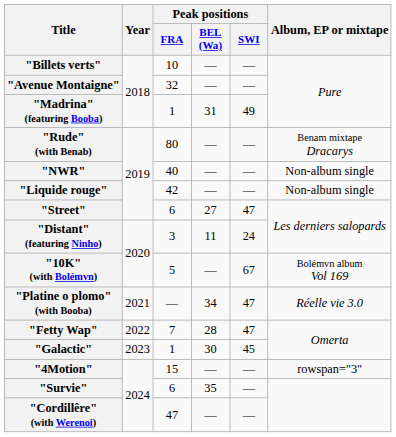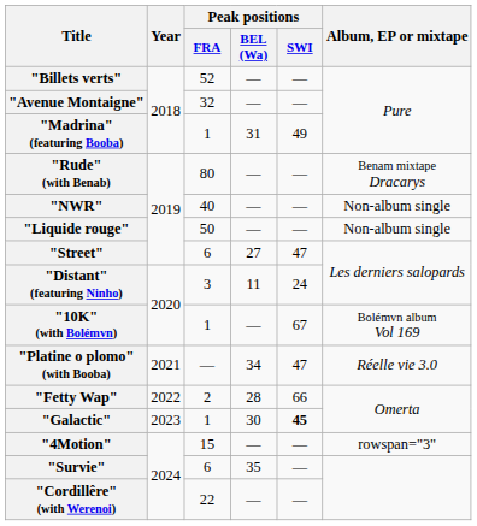 <table class="wikitable plainrowheaders" style="text-align:center">
 <tr>
 <th scope="col" rowspan="2">Title</th>
 <th scope="col" rowspan="2">Year</th>
 <th scope="col" colspan="3">Peak positions</th>
 <th scope="col" rowspan="2">Album, EP or mixtape</th>
 </tr>
 <tr>
 <th scope="col" style="width:3em;font-size:90%;"><a href='#'>FRA</a><br></th>
 <th scope="col" style="width:3em;font-size:90%;"><a href='#'>BEL<br>(Wa)</a><br></th>
 <th scope="col" style="width:3em;font-size:90%;"><a href='#'>SWI</a><br></th>
 </tr>
 <tr>
 <th scope="row">"Billets verts"</th>
 <td rowspan=3>2018</td>
-<td>10</td>
+<td>52</td>
 <td>—</td>
 <td>—</td>
 <td rowspan=3><em>Pure</em></td>
 </tr>
 <tr>
 <th scope="row">"Avenue Montaigne"</th>
 <td>32</td>
 <td>—</td>
 <td>—</td>
 </tr>
 <tr>
 <th scope="row">"Madrina"<br><small>(featuring <a href='#'>Booba</a>)</small></th>
 <td>1</td>
 <td>31</td>
 <td>49</td>
 </tr>
 <tr>
 <th scope="row">"Rude"<br><small>(with Benab)</small></th>
 <td rowspan=4>2019</td>
 <td>80</td>
 <td>—</td>
 <td>—</td>
 <td><small>Benam mixtape</small><br> <em>Dracarys</em></td>
 </tr>
 <tr>
 <th scope="row">"NWR"</th>
 <td>40</td>
 <td>—</td>
 <td>—</td>
 <td>Non-album single</td>
 </tr>
 <tr>
 <th scope="row">"Liquide rouge"</th>
-<td>42</td>
+<td>50</td>
 <td>—</td>
 <td>—</td>
 <td>Non-album single</td>
 </tr>
 <tr>
 <th scope="row">"Street"</th>
 <td>6</td>
 <td>27</td>
 <td>47</td>
 <td rowspan="2"><em>Les derniers salopards</em></td>
 </tr>
 <tr>
 <th scope="row">"Distant"<br><small>(featuring <a href='#'>Ninho</a>)</small></th>
 <td rowspan=2>2020</td>
 <td>3</td>
 <td>11</td>
 <td>24</td>
 </tr>
 <tr>
 <th scope="row">"10K"<br><small>(with <a href='#'>Bolémvn</a>)</small></th>
-<td>5</td>
+<td>1</td>
 <td>—</td>
 <td>67</td>
 <td><small>Bolémvn album</small><br><em>Vol 169</em></td>
 </tr>
 <tr>
 <th scope="row">"Platine o plomo"<br><small>(with Booba)</small></th>
 <td>2021</td>
 <td>—</td>
 <td>34</td>
 <td>47</td>
 <td><em>Réelle vie 3.0</em></td>
 </tr>
 <tr>
 <th scope="row">"Fetty Wap"</th>
 <td>2022</td>
-<td>7</td>
+<td>2</td>
 <td>28</td>
-<td>47</td>
+<td>66</td>
 <td rowspan="2"><em>Omerta</em></td>
 </tr>
 <tr>
 <th scope="row">"Galactic"</th>
 <td>2023</td>
 <td>1</td>
 <td>30</td>
-<td>45</td>
+<td><strong>45</strong></td>
 </tr>
 <tr>
 <th scope="row">"4Motion"</th>
 <td rowspan="3">2024</td>
 <td>15</td>
 <td>—</td>
 <td>—</td>
 <td>rowspan="3" </td>
 </tr>
 <tr>
 <th scope="row">"Survie"</th>
 <td>6</td>
 <td>35</td>
 <td>—</td>
 </tr>
 <tr>
 <th scope="row">"Cordillêre" <br><small>(with <a href='#'>Werenoi</a>)</small></th>
-<td>47</td>
+<td>22</td>
 <td>—</td>
 <td>—</td>
 </tr>
 </table>
